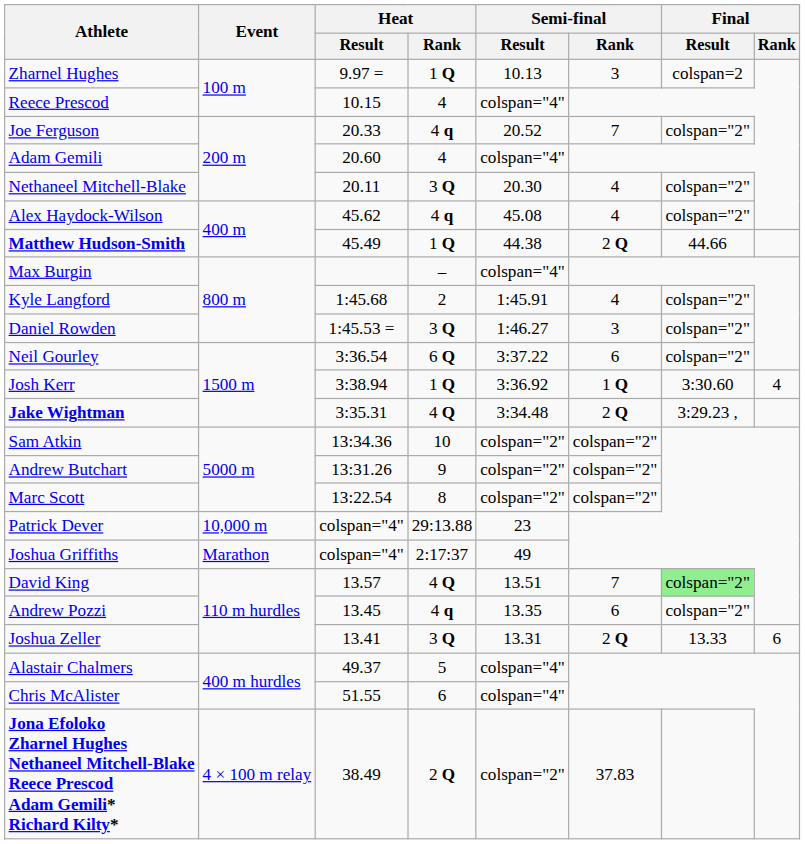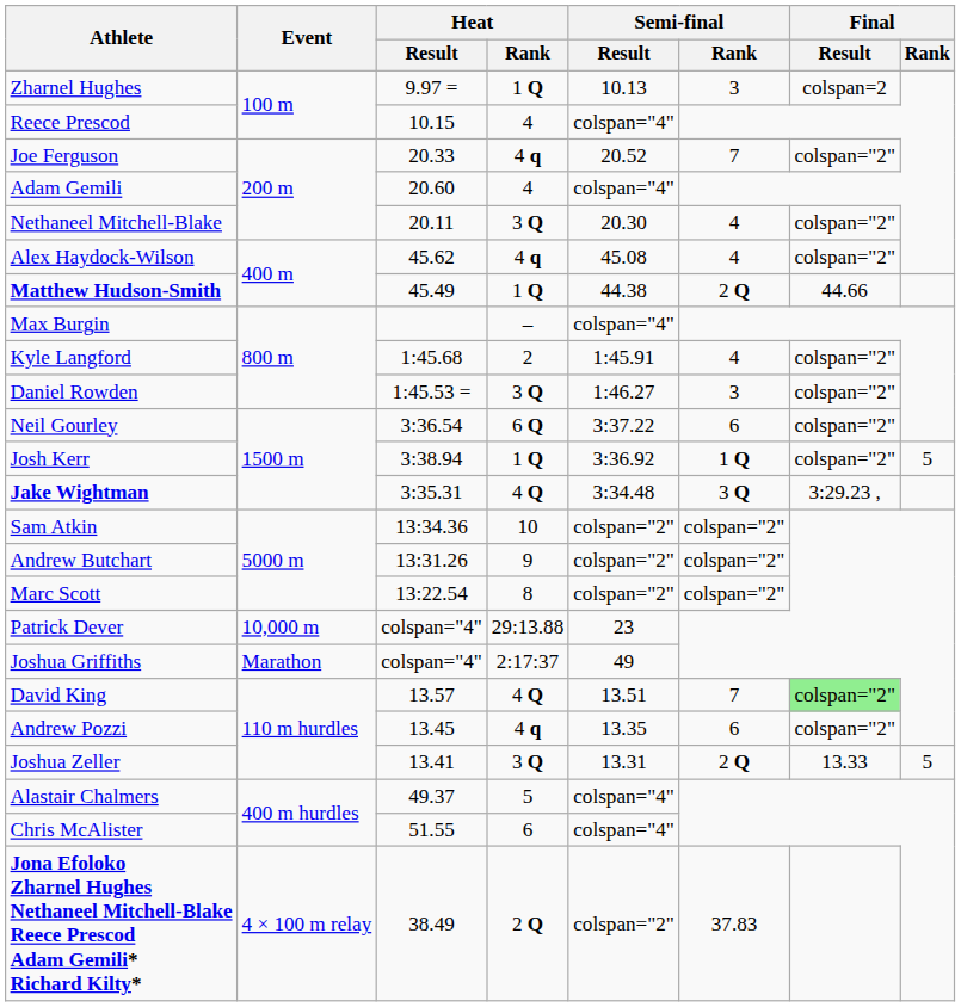 <table class="wikitable" style="font-size:90%">
 <tr>
 <th rowspan="2">Athlete</th>
 <th rowspan="2">Event</th>
 <th colspan="2">Heat</th>
 <th colspan="2">Semi-final</th>
 <th colspan="2">Final</th>
 </tr>
 <tr style="font-size:95%">
 <th>Result</th>
 <th>Rank</th>
 <th>Result</th>
 <th>Rank</th>
 <th>Result</th>
 <th>Rank</th>
 </tr>
 <tr align=center>
 <td align=left><a href='#'>Zharnel Hughes</a></td>
 <td rowspan="2" align=left><a href='#'>100 m</a></td>
 <td>9.97 =</td>
 <td>1 <strong>Q</strong></td>
 <td>10.13</td>
 <td>3</td>
 <td>colspan=2 </td>
 </tr>
 <tr align=center>
 <td align=left><a href='#'>Reece Prescod</a></td>
 <td>10.15</td>
 <td>4</td>
 <td>colspan="4" </td>
 </tr>
 <tr align=center>
 <td align=left><a href='#'>Joe Ferguson</a></td>
 <td rowspan="3" align=left><a href='#'>200 m</a></td>
 <td>20.33</td>
 <td>4 <strong>q</strong></td>
 <td>20.52</td>
 <td>7</td>
 <td>colspan="2" </td>
 </tr>
 <tr align=center>
 <td align=left><a href='#'>Adam Gemili</a></td>
 <td>20.60</td>
 <td>4</td>
 <td>colspan="4" </td>
 </tr>
 <tr align=center>
 <td align=left><a href='#'>Nethaneel Mitchell-Blake</a></td>
 <td>20.11</td>
 <td>3 <strong>Q</strong></td>
 <td>20.30</td>
 <td>4</td>
 <td>colspan="2" </td>
 </tr>
 <tr align=center>
 <td align=left><a href='#'>Alex Haydock-Wilson</a></td>
 <td rowspan="2" align=left><a href='#'>400 m</a></td>
 <td>45.62 </td>
 <td>4 <strong>q</strong></td>
 <td>45.08 </td>
 <td>4</td>
 <td>colspan="2" </td>
 </tr>
 <tr align=center>
 <td align=left><strong><a href='#'>Matthew Hudson-Smith</a></strong></td>
 <td>45.49</td>
 <td>1 <strong>Q</strong></td>
 <td>44.38</td>
 <td>2 <strong>Q</strong></td>
 <td>44.66</td>
 <td></td>
 </tr>
 <tr align=center>
 <td align=left><a href='#'>Max Burgin</a></td>
 <td rowspan="3" align=left><a href='#'>800 m</a></td>
 <td></td>
 <td>–</td>
 <td>colspan="4" </td>
 </tr>
 <tr align=center>
 <td align=left><a href='#'>Kyle Langford</a></td>
 <td>1:45.68</td>
 <td>2</td>
 <td>1:45.91</td>
 <td>4</td>
 <td>colspan="2" </td>
 </tr>
 <tr align=center>
 <td align=left><a href='#'>Daniel Rowden</a></td>
 <td>1:45.53 =</td>
 <td>3 <strong>Q</strong></td>
 <td>1:46.27</td>
 <td>3</td>
 <td>colspan="2" </td>
 </tr>
 <tr align=center>
 <td align=left><a href='#'>Neil Gourley</a></td>
 <td rowspan="3" align=left><a href='#'>1500 m</a></td>
 <td>3:36.54</td>
 <td>6 <strong>Q</strong></td>
 <td>3:37.22</td>
 <td>6</td>
 <td>colspan="2" </td>
 </tr>
 <tr align=center>
 <td align=left><a href='#'>Josh Kerr</a></td>
 <td>3:38.94</td>
 <td>1 <strong>Q</strong></td>
 <td>3:36.92</td>
 <td>1 <strong>Q</strong></td>
-<td>3:30.60 </td>
-<td>4</td>
+<td>colspan="2" </td>
+<td>5</td>
 </tr>
 <tr align=center>
 <td align=left><strong><a href='#'>Jake Wightman</a></strong></td>
 <td>3:35.31</td>
 <td>4 <strong>Q</strong></td>
 <td>3:34.48</td>
-<td>2 <strong>Q</strong></td>
+<td>3 <strong>Q</strong></td>
 <td>3:29.23 , </td>
 <td></td>
 </tr>
 <tr align=center>
 <td align=left><a href='#'>Sam Atkin</a></td>
 <td rowspan="3" align=left><a href='#'>5000 m</a></td>
 <td>13:34.36</td>
 <td>10</td>
 <td>colspan="2" </td>
 <td>colspan="2" </td>
 </tr>
 <tr align=center>
 <td align=left><a href='#'>Andrew Butchart</a></td>
 <td>13:31.26 </td>
 <td>9</td>
 <td>colspan="2" </td>
 <td>colspan="2" </td>
 </tr>
 <tr align=center>
 <td align=left><a href='#'>Marc Scott</a></td>
 <td>13:22.54</td>
 <td>8</td>
 <td>colspan="2" </td>
 <td>colspan="2" </td>
 </tr>
 <tr align=center>
 <td align=left><a href='#'>Patrick Dever</a></td>
 <td align=left><a href='#'>10,000 m</a></td>
 <td>colspan="4" </td>
 <td>29:13.88</td>
 <td>23</td>
 </tr>
 <tr align=center>
 <td align=left><a href='#'>Joshua Griffiths</a></td>
 <td align=left><a href='#'>Marathon</a></td>
 <td>colspan="4" </td>
 <td>2:17:37</td>
 <td>49</td>
 </tr>
 <tr align=center>
 <td align=left><a href='#'>David King</a></td>
 <td rowspan="3" align=left><a href='#'>110 m hurdles</a></td>
 <td>13.57</td>
 <td>4 <strong>Q</strong></td>
 <td>13.51</td>
 <td>7</td>
 <td style="background: lightgreen;">colspan="2" </td>
 </tr>
 <tr align=center>
 <td align=left><a href='#'>Andrew Pozzi</a></td>
 <td>13.45</td>
 <td>4 <strong>q</strong></td>
 <td>13.35</td>
 <td>6</td>
 <td>colspan="2" </td>
 </tr>
 <tr align=center>
 <td align=left><a href='#'>Joshua Zeller</a></td>
 <td>13.41</td>
 <td>3 <strong>Q</strong></td>
 <td>13.31</td>
 <td>2 <strong>Q</strong></td>
 <td>13.33</td>
-<td>6</td>
+<td>5</td>
 </tr>
 <tr align=center>
 <td align=left><a href='#'>Alastair Chalmers</a></td>
 <td rowspan="2" align=left><a href='#'>400 m hurdles</a></td>
 <td>49.37</td>
 <td>5</td>
 <td>colspan="4" </td>
 </tr>
 <tr align=center>
 <td align=left><a href='#'>Chris McAlister</a></td>
 <td>51.55</td>
 <td>6</td>
 <td>colspan="4" </td>
 </tr>
 <tr align=center>
 <td align=left><strong><a href='#'>Jona Efoloko</a><br><a href='#'>Zharnel Hughes</a><br><a href='#'>Nethaneel Mitchell-Blake</a><br><a href='#'>Reece Prescod</a><br><a href='#'>Adam Gemili</a>*<br><a href='#'>Richard Kilty</a>*</strong></td>
 <td align=left><a href='#'>4 × 100 m relay</a></td>
 <td>38.49</td>
 <td>2 <strong>Q</strong></td>
 <td>colspan="2" </td>
 <td>37.83 </td>
 <td></td>
 </tr>
 </table>
